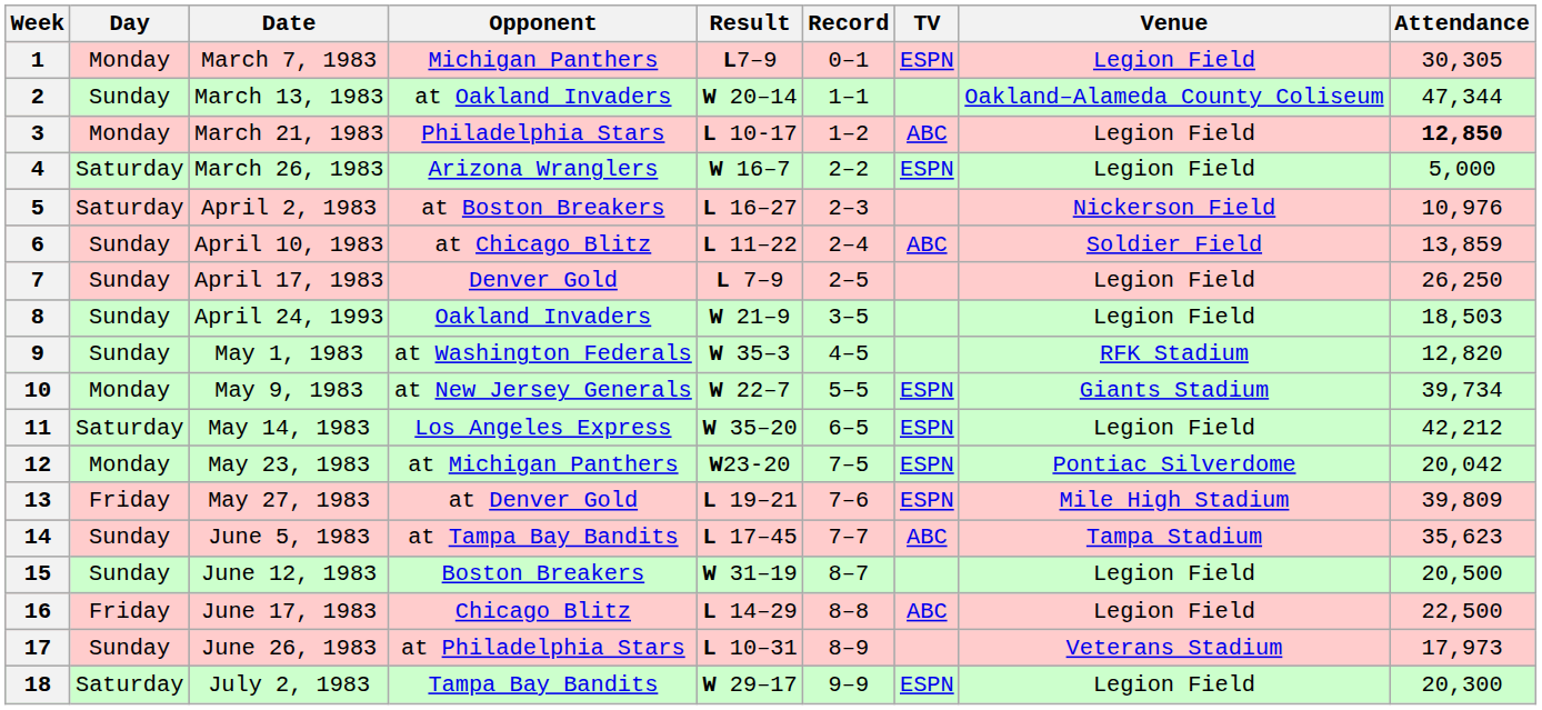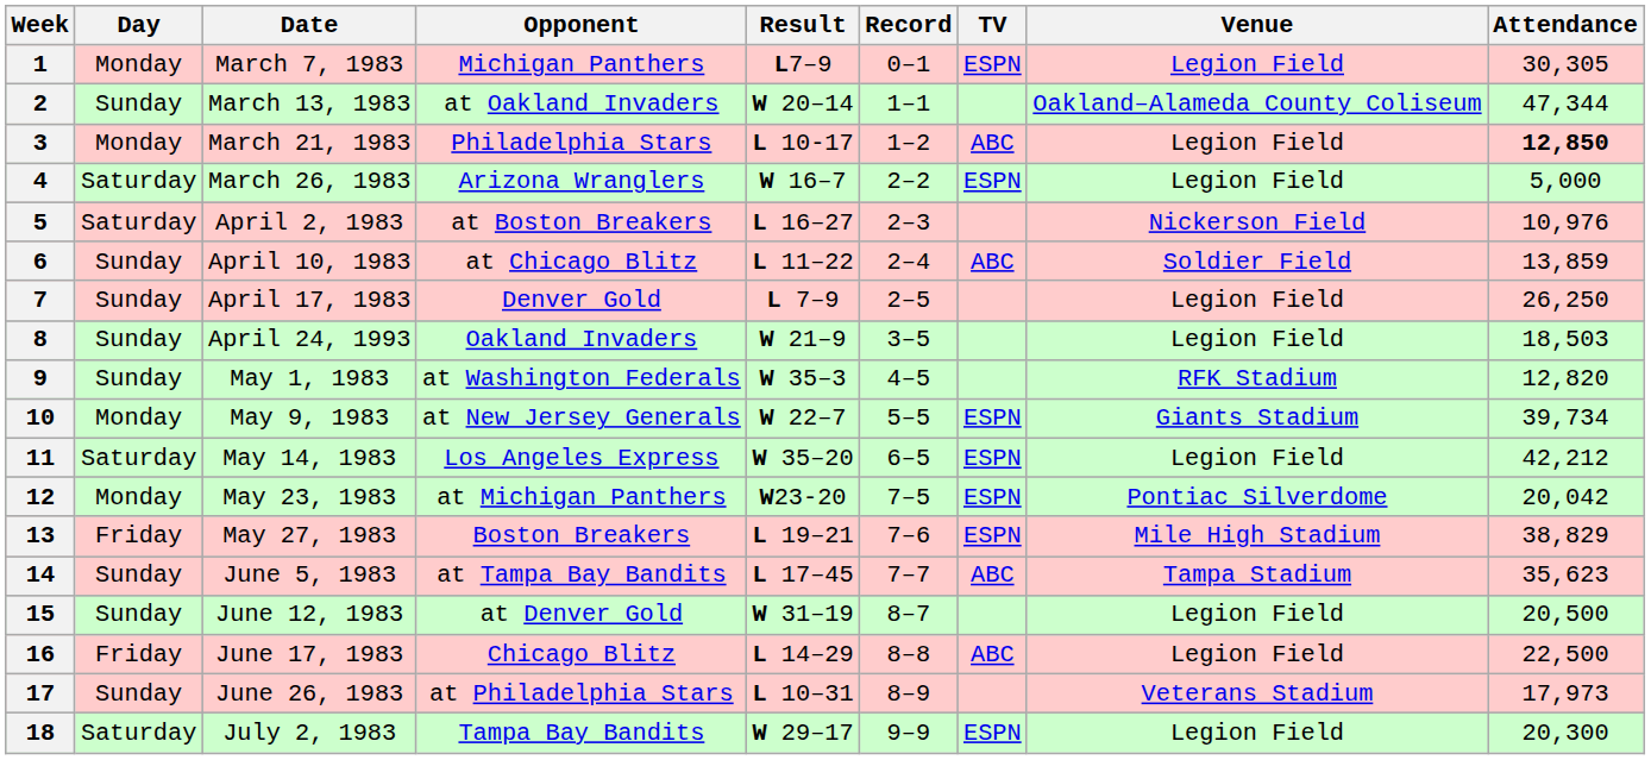 <table class="wikitable" style="text-align:center">
 <tr>
 <th>Week</th>
 <th>Day</th>
 <th>Date</th>
 <th>Opponent</th>
 <th>Result</th>
 <th>Record</th>
 <th>TV</th>
 <th>Venue</th>
 <th>Attendance</th>
 </tr>
 <tr style="background:#fcc">
 <th>1</th>
 <td>Monday</td>
 <td>March 7, 1983</td>
 <td><a href='#'>Michigan Panthers</a></td>
 <td><strong>L</strong>7–9</td>
 <td>0–1</td>
 <td><a href='#'>ESPN</a></td>
 <td><a href='#'>Legion Field</a></td>
 <td>30,305</td>
 </tr>
 <tr style="background:#cfc">
 <th>2</th>
 <td>Sunday</td>
 <td>March 13, 1983</td>
 <td>at <a href='#'>Oakland Invaders</a></td>
 <td><strong>W</strong> 20–14 </td>
 <td>1–1</td>
 <td></td>
 <td><a href='#'>Oakland–Alameda County Coliseum</a></td>
 <td>47,344</td>
 </tr>
 <tr style="background:#fcc">
 <th>3</th>
 <td>Monday</td>
 <td>March 21, 1983</td>
 <td><a href='#'>Philadelphia Stars</a></td>
 <td><strong>L</strong> 10-17</td>
 <td>1–2</td>
 <td><a href='#'>ABC</a></td>
 <td>Legion Field</td>
 <td><strong>12,850</strong></td>
 </tr>
 <tr style="background:#cfc">
 <th>4</th>
 <td>Saturday</td>
 <td>March 26, 1983</td>
 <td><a href='#'>Arizona Wranglers</a></td>
 <td><strong>W</strong> 16–7</td>
 <td>2–2</td>
 <td><a href='#'>ESPN</a></td>
 <td>Legion Field</td>
 <td>5,000</td>
 </tr>
 <tr style="background:#fcc">
 <th>5</th>
 <td>Saturday</td>
 <td>April 2, 1983</td>
 <td>at <a href='#'>Boston Breakers</a></td>
 <td><strong>L</strong> 16–27</td>
 <td>2–3</td>
 <td></td>
 <td><a href='#'>Nickerson Field</a></td>
 <td>10,976</td>
 </tr>
 <tr style="background:#fcc">
 <th>6</th>
 <td>Sunday</td>
 <td>April 10, 1983</td>
 <td>at <a href='#'>Chicago Blitz</a></td>
 <td><strong>L</strong> 11–22</td>
 <td>2–4</td>
 <td><a href='#'>ABC</a></td>
 <td><a href='#'>Soldier Field</a></td>
 <td>13,859</td>
 </tr>
 <tr style="background:#fcc">
 <th>7</th>
 <td>Sunday</td>
 <td>April 17, 1983</td>
 <td><a href='#'>Denver Gold</a></td>
 <td><strong>L</strong> 7–9</td>
 <td>2–5</td>
 <td></td>
 <td>Legion Field</td>
 <td>26,250</td>
 </tr>
 <tr style="background:#cfc">
 <th>8</th>
 <td>Sunday</td>
 <td>April 24, 1993</td>
 <td><a href='#'>Oakland Invaders</a></td>
 <td><strong>W</strong> 21–9</td>
 <td>3–5</td>
 <td></td>
 <td>Legion Field</td>
 <td>18,503</td>
 </tr>
 <tr style="background:#cfc">
 <th>9</th>
 <td>Sunday</td>
 <td>May 1, 1983</td>
 <td>at <a href='#'>Washington Federals</a></td>
 <td><strong>W</strong> 35–3</td>
 <td>4–5</td>
 <td></td>
 <td><a href='#'>RFK Stadium</a></td>
 <td>12,820</td>
 </tr>
 <tr style="background:#cfc">
 <th>10</th>
 <td>Monday</td>
 <td>May 9, 1983</td>
 <td>at <a href='#'>New Jersey Generals</a></td>
 <td><strong>W</strong> 22–7</td>
 <td>5–5</td>
 <td><a href='#'>ESPN</a></td>
 <td><a href='#'>Giants Stadium</a></td>
 <td>39,734</td>
 </tr>
 <tr style="background:#cfc">
 <th>11</th>
 <td>Saturday</td>
 <td>May 14, 1983</td>
 <td><a href='#'>Los Angeles Express</a></td>
 <td><strong>W</strong> 35–20</td>
 <td>6–5</td>
 <td><a href='#'>ESPN</a></td>
 <td>Legion Field</td>
 <td>42,212</td>
 </tr>
 <tr style="background:#cfc">
 <th>12</th>
 <td>Monday</td>
 <td>May 23, 1983</td>
 <td>at <a href='#'>Michigan Panthers</a></td>
 <td><strong>W</strong>23-20</td>
 <td>7–5</td>
 <td><a href='#'>ESPN</a></td>
 <td><a href='#'>Pontiac Silverdome</a></td>
 <td>20,042</td>
 </tr>
 <tr style="background:#fcc">
 <th>13</th>
 <td>Friday</td>
 <td>May 27, 1983</td>
-<td>at <a href='#'>Denver Gold</a></td>
+<td><a href='#'>Boston Breakers</a></td>
 <td><strong>L</strong> 19–21</td>
 <td>7–6</td>
 <td><a href='#'>ESPN</a></td>
 <td><a href='#'>Mile High Stadium</a></td>
-<td>39,809</td>
+<td>38,829</td>
 </tr>
 <tr style="background:#fcc">
 <th>14</th>
 <td>Sunday</td>
 <td>June 5, 1983</td>
 <td>at <a href='#'>Tampa Bay Bandits</a></td>
 <td><strong>L</strong> 17–45</td>
 <td>7–7</td>
 <td><a href='#'>ABC</a></td>
 <td><a href='#'>Tampa Stadium</a></td>
 <td>35,623</td>
 </tr>
 <tr style="background:#cfc">
 <th>15</th>
 <td>Sunday</td>
 <td>June 12, 1983</td>
-<td><a href='#'>Boston Breakers</a></td>
+<td>at <a href='#'>Denver Gold</a></td>
 <td><strong>W</strong> 31–19</td>
 <td>8–7</td>
 <td></td>
 <td>Legion Field</td>
 <td>20,500</td>
 </tr>
 <tr style="background:#fcc">
 <th>16</th>
 <td>Friday</td>
 <td>June 17, 1983</td>
 <td><a href='#'>Chicago Blitz</a></td>
 <td><strong>L</strong> 14–29</td>
 <td>8–8</td>
 <td><a href='#'>ABC</a></td>
 <td>Legion Field</td>
 <td>22,500</td>
 </tr>
 <tr style="background:#fcc">
 <th>17</th>
 <td>Sunday</td>
 <td>June 26, 1983</td>
 <td>at <a href='#'>Philadelphia Stars</a></td>
 <td><strong>L</strong> 10–31</td>
 <td>8–9</td>
 <td></td>
 <td><a href='#'>Veterans Stadium</a></td>
 <td>17,973</td>
 </tr>
 <tr style="background:#cfc">
 <th>18</th>
 <td>Saturday</td>
 <td>July 2, 1983</td>
 <td><a href='#'>Tampa Bay Bandits</a></td>
 <td><strong>W</strong> 29–17</td>
 <td>9–9</td>
 <td><a href='#'>ESPN</a></td>
 <td>Legion Field</td>
 <td>20,300</td>
 </tr>
 </table>
